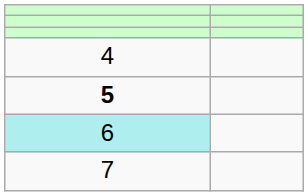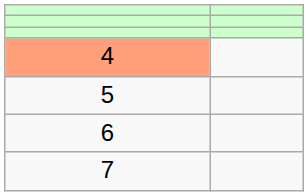 <table class="wikitable" width="200px">
 <tr bgcolor=#ccffcc>
 <td align=center></td>
 <td></td>
 </tr>
 <tr bgcolor=#ccffcc>
 <td align=center></td>
 <td></td>
 </tr>
 <tr bgcolor=#ccffcc>
 <td align=center></td>
 <td></td>
 </tr>
 <tr>
-<td align=center>4</td>
+<td align=center style="background: lightsalmon;">4</td>
 <td></td>
 </tr>
 <tr>
-<td align=center><strong>5</strong></td>
+<td align=center>5</td>
 <td></td>
 </tr>
 <tr>
-<td align=center style="background: paleturquoise;">6</td>
+<td align=center>6</td>
 <td></td>
 </tr>
 <tr>
 <td align=center>7</td>
 <td></td>
 </tr>
 </table>
